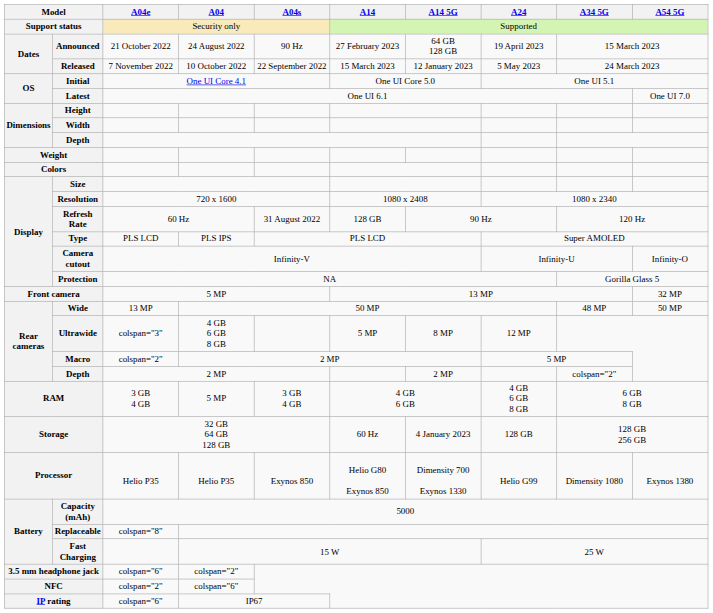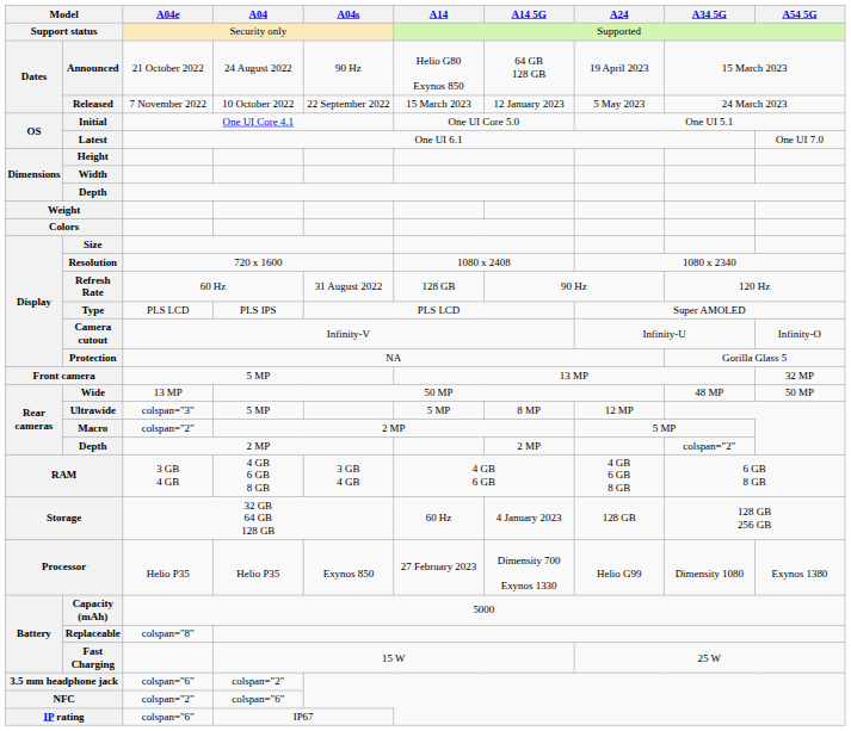 <table class="wikitable" style="text-align:center; font-size:90%;">
 <tr>
 <th colspan="2">Model</th>
 <th style="min-width: 8em"><a href='#'>A04e</a></th>
 <th style="min-width: 8em"><a href='#'>A04</a></th>
 <th style="min-width: 8em"><a href='#'>A04s</a></th>
 <th style="min-width: 8em"><a href='#'>A14</a></th>
 <th style="min-width: 8em"><a href='#'>A14 5G</a></th>
 <th style="min-width: 8em"><a href='#'>A24</a></th>
 <th style="min-width: 8em"><a href='#'>A34 5G</a></th>
 <th style="min-width: 8em"><a href='#'>A54 5G</a></th>
 </tr>
 <tr>
 <th colspan="2">Support status</th>
 <td style="background:#f8eaba" colspan="3">Security only</td>
 <td style="background:#d4f4b4" colspan="5">Supported</td>
 </tr>
 <tr>
 <th rowspan="2">Dates</th>
 <th>Announced</th>
 <td>21 October 2022</td>
 <td>24 August 2022</td>
 <td>90 Hz</td>
-<td>27 February 2023</td>
+<td><br>Helio G80<br><br>Exynos 850</td>
 <td>64 GB<br>128 GB</td>
 <td>19 April 2023</td>
 <td colspan="2">15 March 2023</td>
 </tr>
 <tr>
 <th>Released</th>
 <td>7 November 2022</td>
 <td>10 October 2022</td>
 <td>22 September 2022</td>
 <td>15 March 2023</td>
 <td>12 January 2023</td>
 <td>5 May 2023</td>
 <td colspan="2">24 March 2023</td>
 </tr>
 <tr>
 <th rowspan="2">OS</th>
 <th>Initial</th>
 <td colspan="3"><a href='#'>One UI Core 4.1</a><br></td>
 <td colspan="2">One UI Core 5.0<br></td>
 <td colspan="3">One UI 5.1<br></td>
 </tr>
 <tr>
 <th>Latest</th>
 <td colspan="7">One UI 6.1<br></td>
 <td colspan="1">One UI 7.0<br></td>
 </tr>
 <tr>
 <th rowspan="3">Dimensions<br></th>
 <th>Height</th>
 <td></td>
 <td></td>
 <td></td>
 <td colspan="2"></td>
 <td></td>
 <td></td>
 <td></td>
 </tr>
 <tr>
 <th>Width</th>
 <td></td>
 <td></td>
 <td></td>
 <td colspan="2"></td>
 <td></td>
 <td></td>
 <td></td>
 </tr>
 <tr>
 <th>Depth</th>
 <td colspan="5"></td>
 <td></td>
 <td colspan="2"></td>
 </tr>
 <tr>
 <th colspan="2">Weight<br></th>
 <td></td>
 <td></td>
 <td></td>
 <td></td>
 <td></td>
 <td></td>
 <td></td>
 <td></td>
 </tr>
 <tr>
 <th colspan="2">Colors</th>
 <td>  </td>
 <td>   </td>
 <td>  </td>
 <td colspan="2">   </td>
 <td>   </td>
 <td>   </td>
 <td>   </td>
 </tr>
 <tr>
 <th rowspan="6">Display</th>
 <th>Size</th>
 <td colspan="3"></td>
 <td colspan="2"></td>
 <td></td>
 <td></td>
 <td></td>
 </tr>
 <tr>
 <th>Resolution</th>
 <td colspan="3">720 x 1600</td>
 <td colspan="2">1080 x 2408</td>
 <td colspan="3">1080 x 2340</td>
 </tr>
 <tr>
 <th>Refresh Rate</th>
 <td colspan="2">60 Hz</td>
 <td>31 August 2022</td>
 <td>128 GB</td>
 <td colspan="2">90 Hz</td>
 <td colspan="2">120 Hz</td>
 </tr>
 <tr>
 <th>Type</th>
 <td>PLS LCD</td>
 <td>PLS IPS</td>
 <td colspan="3">PLS LCD</td>
 <td colspan="3">Super AMOLED</td>
 </tr>
 <tr>
 <th>Camera cutout</th>
 <td colspan="5">Infinity-V</td>
 <td colspan="2">Infinity-U</td>
 <td>Infinity-O</td>
 </tr>
 <tr>
 <th>Protection</th>
 <td colspan="6">NA</td>
 <td colspan="2">Gorilla Glass 5</td>
 </tr>
 <tr>
 <th colspan="2">Front camera</th>
 <td colspan="3">5 MP</td>
 <td colspan="4">13 MP</td>
 <td>32 MP</td>
 </tr>
 <tr>
 <th rowspan="4">Rear cameras</th>
 <th>Wide</th>
 <td>13 MP</td>
 <td colspan="5">50 MP</td>
 <td>48 MP</td>
 <td>50 MP</td>
 </tr>
 <tr>
 <th>Ultrawide</th>
 <td>colspan="3" </td>
-<td>4 GB<br>6 GB<br>8 GB</td>
+<td>5 MP</td>
 <td></td>
 <td>5 MP</td>
 <td>8 MP</td>
 <td>12 MP</td>
 </tr>
 <tr>
 <th>Macro</th>
 <td>colspan="2" </td>
 <td colspan="4">2 MP</td>
 <td colspan="2">5 MP</td>
 </tr>
 <tr>
 <th>Depth</th>
 <td colspan="3">2 MP</td>
 <td></td>
 <td>2 MP</td>
 <td></td>
 <td>colspan="2" </td>
 </tr>
 <tr>
 <th colspan="2">RAM</th>
 <td>3 GB<br>4 GB</td>
-<td>5 MP</td>
+<td>4 GB<br>6 GB<br>8 GB</td>
 <td>3 GB<br>4 GB</td>
 <td colspan="2">4 GB<br>6 GB</td>
 <td>4 GB<br>6 GB<br>8 GB</td>
 <td colspan="2">6 GB<br>8 GB</td>
 </tr>
 <tr>
 <th colspan="2">Storage</th>
 <td colspan="3">32 GB<br>64 GB<br>128 GB</td>
 <td>60 Hz</td>
 <td>4 January 2023</td>
 <td>128 GB</td>
 <td colspan="2">128 GB<br>256 GB</td>
 </tr>
 <tr>
 <th colspan="2">Processor</th>
 <td><br>Helio P35</td>
 <td><br>Helio P35</td>
 <td><br>Exynos 850</td>
-<td><br>Helio G80<br><br>Exynos 850</td>
+<td>27 February 2023</td>
 <td><br>Dimensity 700<br><br>Exynos 1330</td>
 <td><br>Helio G99</td>
 <td><br>Dimensity 1080</td>
 <td><br>Exynos 1380</td>
 </tr>
 <tr>
 <th rowspan="3">Battery</th>
 <th>Capacity (mAh)</th>
 <td colspan="8">5000</td>
 </tr>
 <tr>
 <th>Replaceable</th>
 <td>colspan="8" </td>
 </tr>
 <tr>
 <th>Fast Charging</th>
 <td></td>
 <td colspan="4">15 W</td>
 <td colspan="3">25 W</td>
 </tr>
 <tr>
 <th colspan="2">3.5 mm headphone jack</th>
 <td>colspan="6" </td>
 <td>colspan="2" </td>
 </tr>
 <tr>
 <th colspan="2">NFC</th>
 <td>colspan="2" </td>
 <td>colspan="6" </td>
 </tr>
 <tr>
 <th colspan="2"><a href='#'>IP</a> rating</th>
 <td>colspan="6" </td>
 <td colspan="2">IP67</td>
 </tr>
 </table>
